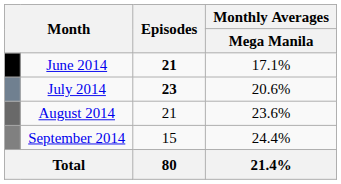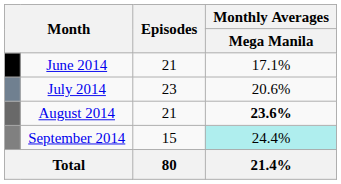 <table class="wikitable plainrowheaders" style="text-align: center; line-height:25px;">
 <tr class="wikitable" style="text-align: center;">
 <th colspan="2" rowspan="2" style="padding: 0 8px;">Month</th>
 <th rowspan="2" style="padding: 0 8px;">Episodes</th>
 <th colspan="2" style="padding: 0 8px;">Monthly Averages</th>
 </tr>
 <tr>
 <th style="padding: 0 8px;">Mega Manila</th>
 </tr>
 <tr>
 <td style="padding: 0 8px; background:#000000;"></td>
 <td style="padding: 0 8px;" '><a href='#'>June 2014</a></td>
-<td style="padding: 0 8px;"><strong>21</strong></td>
+<td style="padding: 0 8px;">21</td>
 <td style="padding: 0 8px;">17.1%</td>
 </tr>
 <tr>
 <td style="padding: 0 8px; background:#708090;"></td>
 <td style="padding: 0 8px;" '><a href='#'>July 2014</a></td>
-<td style="padding: 0 8px;"><strong>23</strong></td>
+<td style="padding: 0 8px;">23</td>
 <td style="padding: 0 8px;">20.6%</td>
 </tr>
 <tr>
 <td style="padding: 0 8px; background:#696969;"></td>
 <td style="padding: 0 8px;" '><a href='#'>August 2014</a></td>
 <td style="padding: 0 8px;">21</td>
-<td style="padding: 0 8px;">23.6%</td>
+<td style="padding: 0 8px;"><strong>23.6%</strong></td>
 </tr>
 <tr>
 <td style="padding: 0 8px; background:#808080;"></td>
 <td style="padding: 0 8px;" '><a href='#'>September 2014</a></td>
 <td style="padding: 0 8px;">15</td>
-<td style="padding: 0 8px;">24.4%</td>
+<td style="background: paleturquoise; padding: 0 8px;">24.4%</td>
 </tr>
 <tr>
 <th colspan="2">Total</th>
 <th colspan="1">80</th>
 <th colspan="2">21.4%</th>
 </tr>
 </table>
